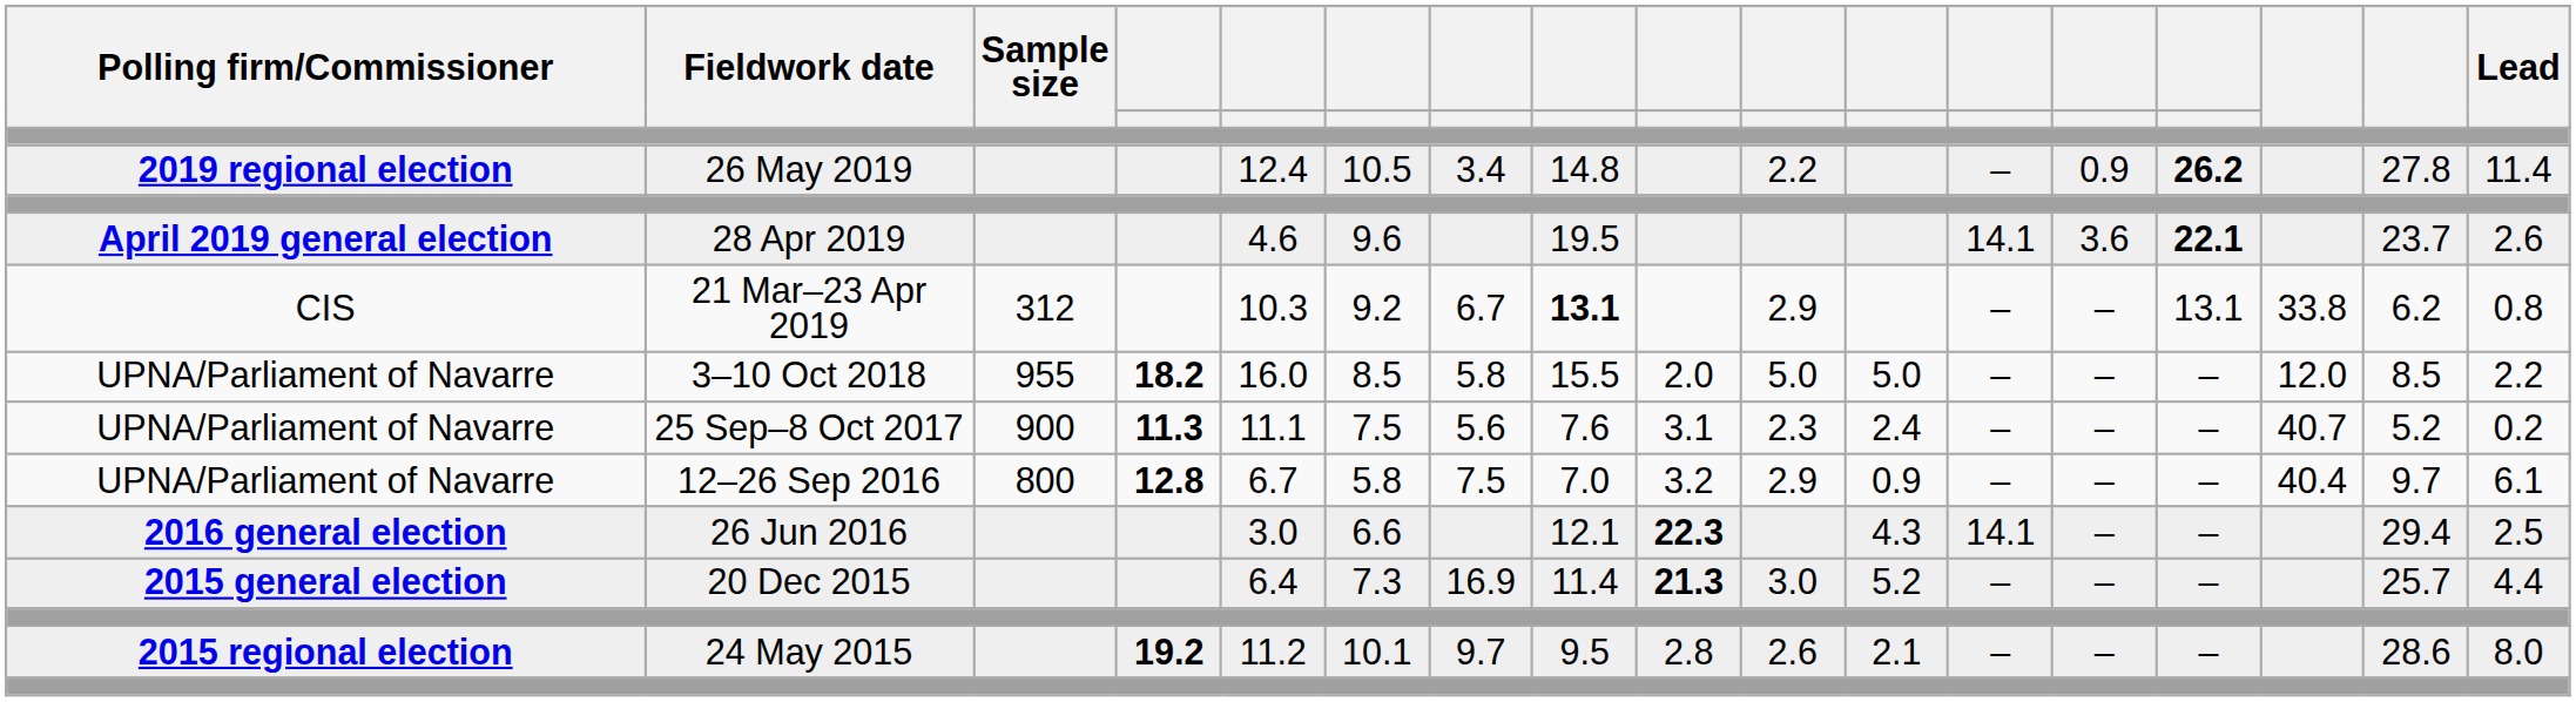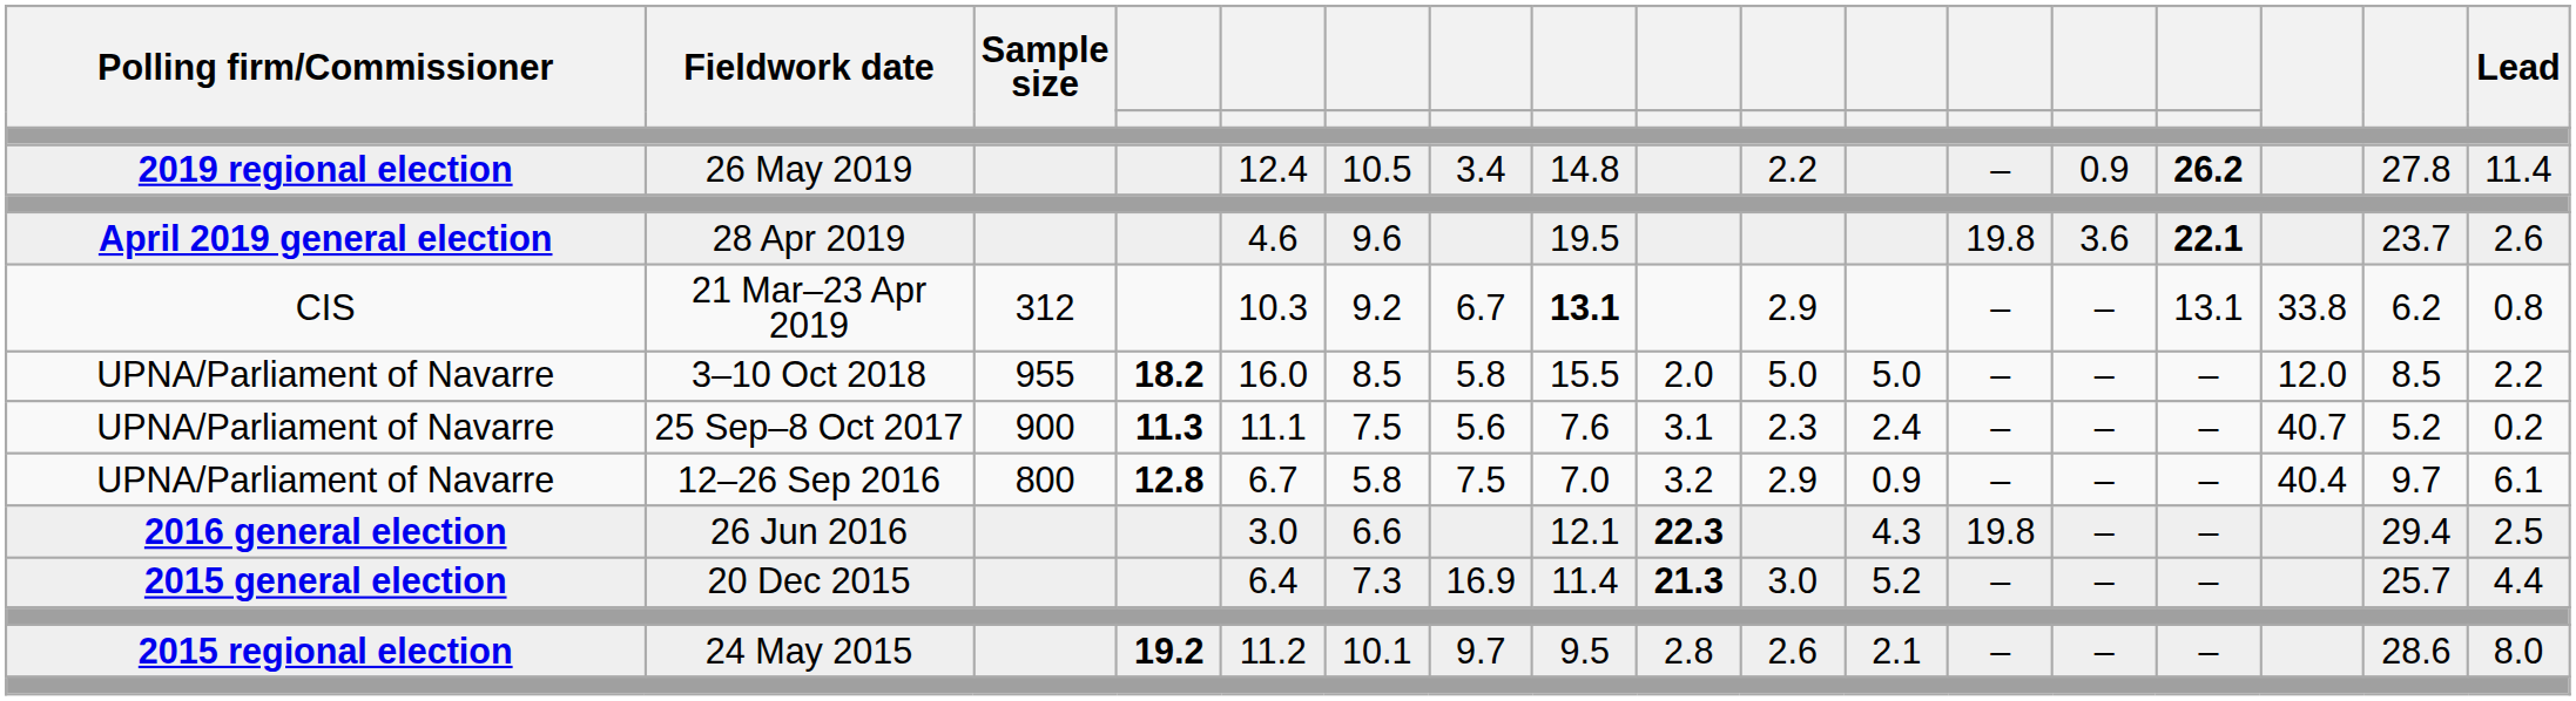 <table class="wikitable collapsible collapsed" style="text-align:center; font-size:90%; line-height:14px;">
 <tr style="height:42px;">
 <th style="width:250px;" rowspan="2">Polling firm/Commissioner</th>
 <th style="width:125px;" rowspan="2">Fieldwork date</th>
 <th style="width:50px;" rowspan="2">Sample size</th>
 <th style="width:35px;"></th>
 <th style="width:35px;"></th>
 <th style="width:35px;"></th>
 <th style="width:35px;"></th>
 <th style="width:35px;"></th>
 <th style="width:35px;"></th>
 <th style="width:35px;"></th>
 <th style="width:35px;"></th>
 <th style="width:35px;"></th>
 <th style="width:35px;"></th>
 <th style="width:35px;"></th>
 <th style="width:35px;" rowspan="2"></th>
 <th style="width:35px;" rowspan="2"></th>
 <th style="width:30px;" rowspan="2">Lead</th>
 </tr>
 <tr>
 <th style="color:inherit;background:"></th>
 <th style="color:inherit;background:"></th>
 <th style="color:inherit;background:"></th>
 <th style="color:inherit;background:"></th>
 <th style="color:inherit;background:"></th>
 <th style="color:inherit;background:"></th>
 <th style="color:inherit;background:"></th>
 <th style="color:inherit;background:"></th>
 <th style="color:inherit;background:"></th>
 <th style="color:inherit;background:"></th>
 <th style="color:inherit;background:"></th>
 </tr>
 <tr>
 <td colspan="17" style="background:#A0A0A0"></td>
 </tr>
 <tr style="background:#EFEFEF;">
 <td><strong><a href='#'>2019 regional election</a></strong></td>
 <td>26 May 2019</td>
 <td></td>
 <td></td>
 <td>12.4</td>
 <td>10.5</td>
 <td>3.4</td>
 <td>14.8</td>
 <td></td>
 <td>2.2</td>
 <td></td>
 <td>–</td>
 <td>0.9</td>
 <td><strong>26.2</strong></td>
 <td></td>
 <td>27.8</td>
 <td style="background:">11.4</td>
 </tr>
 <tr>
 <td colspan="17" style="background:#A0A0A0"></td>
 </tr>
 <tr style="background:#EFEFEF;">
 <td><strong><a href='#'>April 2019 general election</a></strong></td>
 <td>28 Apr 2019</td>
 <td></td>
 <td></td>
 <td>4.6</td>
 <td>9.6</td>
 <td></td>
 <td>19.5</td>
 <td></td>
 <td></td>
 <td></td>
-<td>14.1</td>
+<td>19.8</td>
 <td>3.6</td>
 <td><strong>22.1</strong></td>
 <td></td>
 <td>23.7</td>
 <td style="background:">2.6</td>
 </tr>
 <tr>
 <td>CIS</td>
 <td>21 Mar–23 Apr 2019</td>
 <td>312</td>
 <td></td>
 <td>10.3</td>
 <td>9.2</td>
 <td>6.7</td>
 <td><strong>13.1</strong></td>
 <td></td>
 <td>2.9</td>
 <td></td>
 <td>–</td>
 <td>–</td>
 <td>13.1</td>
 <td>33.8</td>
 <td>6.2</td>
 <td style="background:">0.8</td>
 </tr>
 <tr>
 <td>UPNA/Parliament of Navarre</td>
 <td>3–10 Oct 2018</td>
 <td>955</td>
 <td><strong>18.2</strong></td>
 <td>16.0</td>
 <td>8.5</td>
 <td>5.8</td>
 <td>15.5</td>
 <td>2.0</td>
 <td>5.0</td>
 <td>5.0</td>
 <td>–</td>
 <td>–</td>
 <td>–</td>
 <td>12.0</td>
 <td>8.5</td>
 <td style="background:">2.2</td>
 </tr>
 <tr>
 <td>UPNA/Parliament of Navarre</td>
 <td>25 Sep–8 Oct 2017</td>
 <td>900</td>
 <td><strong>11.3</strong></td>
 <td>11.1</td>
 <td>7.5</td>
 <td>5.6</td>
 <td>7.6</td>
 <td>3.1</td>
 <td>2.3</td>
 <td>2.4</td>
 <td>–</td>
 <td>–</td>
 <td>–</td>
 <td>40.7</td>
 <td>5.2</td>
 <td style="background:">0.2</td>
 </tr>
 <tr>
 <td>UPNA/Parliament of Navarre</td>
 <td>12–26 Sep 2016</td>
 <td>800</td>
 <td><strong>12.8</strong></td>
 <td>6.7</td>
 <td>5.8</td>
 <td>7.5</td>
 <td>7.0</td>
 <td>3.2</td>
 <td>2.9</td>
 <td>0.9</td>
 <td>–</td>
 <td>–</td>
 <td>–</td>
 <td>40.4</td>
 <td>9.7</td>
 <td style="background:">6.1</td>
 </tr>
 <tr style="background:#EFEFEF;">
 <td><strong><a href='#'>2016 general election</a></strong></td>
 <td>26 Jun 2016</td>
 <td></td>
 <td></td>
 <td>3.0</td>
 <td>6.6</td>
 <td></td>
 <td>12.1</td>
 <td><strong>22.3</strong></td>
 <td></td>
 <td>4.3</td>
-<td>14.1</td>
+<td>19.8</td>
 <td>–</td>
 <td>–</td>
 <td></td>
 <td>29.4</td>
 <td style="background:">2.5</td>
 </tr>
 <tr style="background:#EFEFEF;">
 <td><strong><a href='#'>2015 general election</a></strong></td>
 <td>20 Dec 2015</td>
 <td></td>
 <td></td>
 <td>6.4</td>
 <td>7.3</td>
 <td>16.9</td>
 <td>11.4</td>
 <td><strong>21.3</strong></td>
 <td>3.0</td>
 <td>5.2</td>
 <td>–</td>
 <td>–</td>
 <td>–</td>
 <td></td>
 <td>25.7</td>
 <td style="background:">4.4</td>
 </tr>
 <tr>
 <td colspan="17" style="background:#A0A0A0"></td>
 </tr>
 <tr style="background:#EFEFEF;">
 <td><strong><a href='#'>2015 regional election</a></strong></td>
 <td>24 May 2015</td>
 <td></td>
 <td><strong>19.2</strong></td>
 <td>11.2</td>
 <td>10.1</td>
 <td>9.7</td>
 <td>9.5</td>
 <td>2.8</td>
 <td>2.6</td>
 <td>2.1</td>
 <td>–</td>
 <td>–</td>
 <td>–</td>
 <td></td>
 <td>28.6</td>
 <td style="background:">8.0</td>
 </tr>
 <tr>
 <td colspan="17" style="background:#A0A0A0"></td>
 </tr>
 </table>
